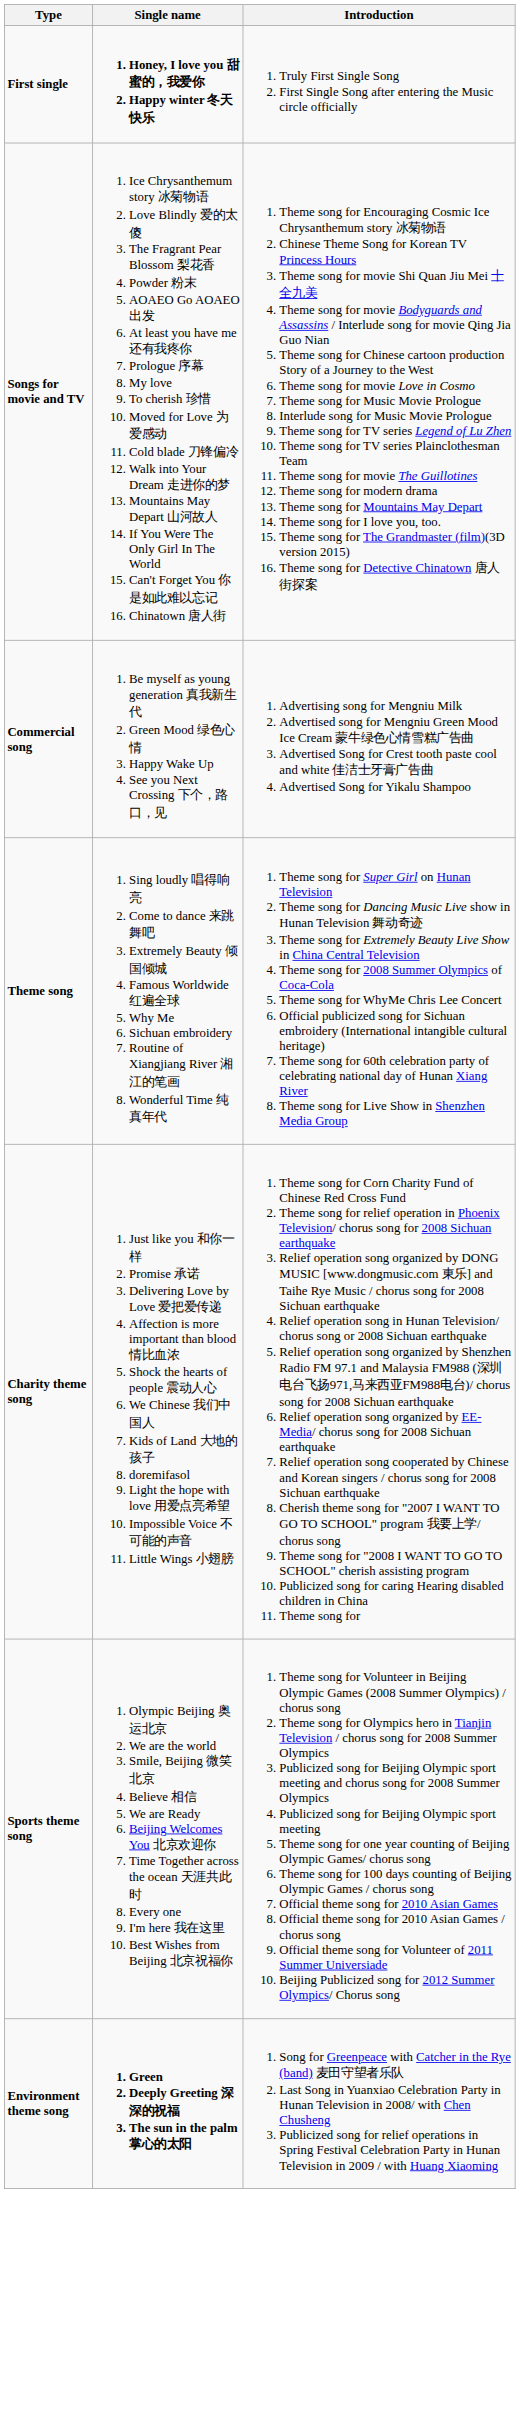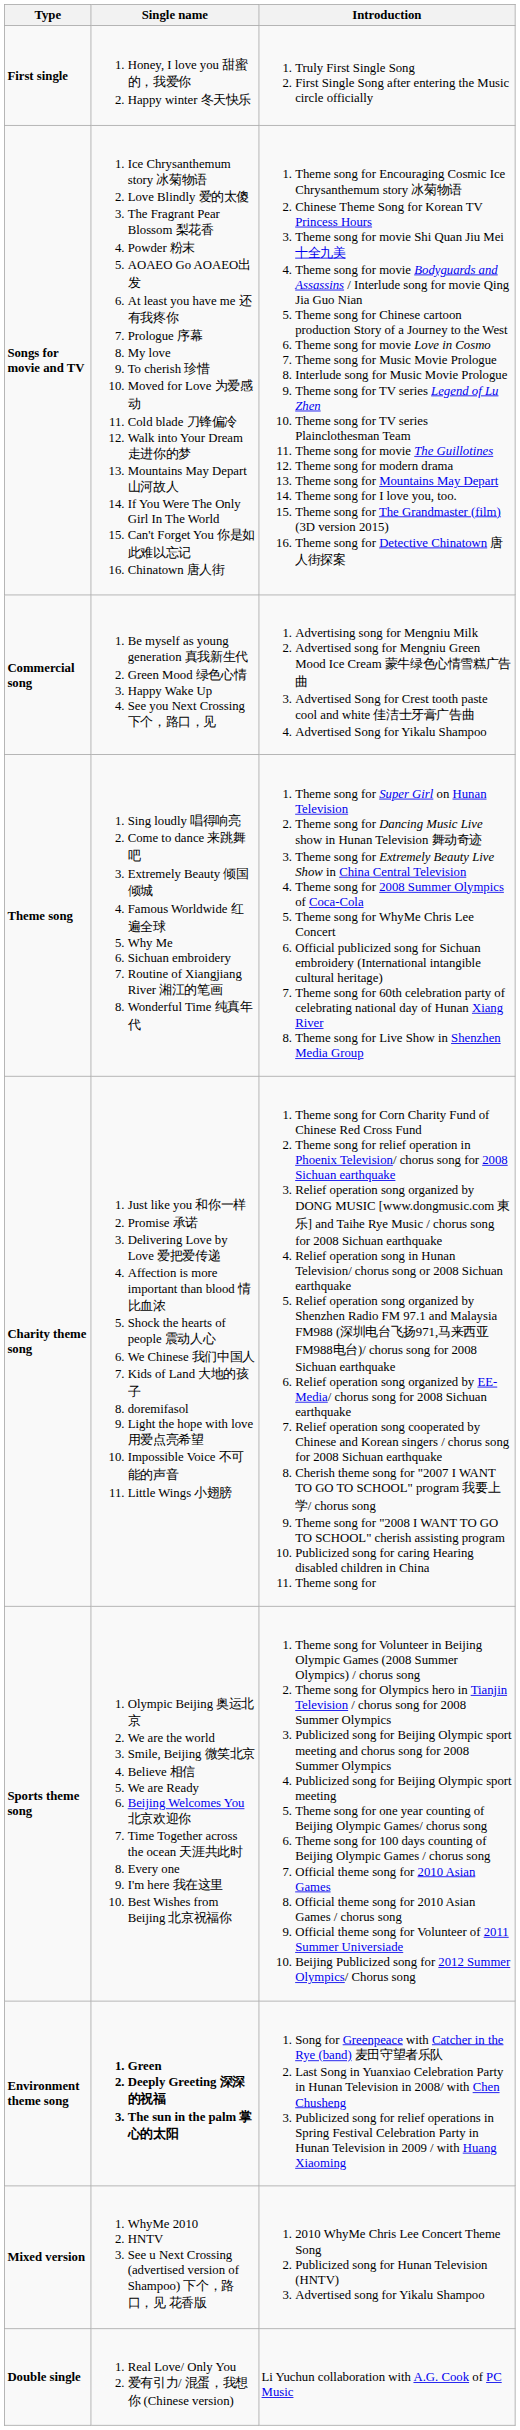 <table class="wikitable" style="font-size: 95%;">
 <tr>
 <th>Type</th>
 <th>Single name</th>
 <th>Introduction</th>
 </tr>
 <tr>
 <td><strong>First single</strong></td>
-<td><strong><br><ol><li>Honey, I love you 甜蜜的，我爱你</li><li>Happy winter 冬天快乐</li></ol></strong></td>
+<td><br><ol><li>Honey, I love you 甜蜜的，我爱你</li><li>Happy winter 冬天快乐</li></ol></td>
 <td><br><ol><li>Truly First Single Song</li><li>First Single Song after entering the Music circle officially </li></ol></td>
 </tr>
 <tr>
 <td><strong>Songs for movie and TV</strong></td>
 <td><br><ol><li>Ice Chrysanthemum story 冰菊物语</li><li>Love Blindly 爱的太傻</li><li>The Fragrant Pear Blossom 梨花香</li><li>Powder 粉末</li><li>AOAEO Go AOAEO出发</li><li>At least you have me 还有我疼你</li><li>Prologue 序幕</li><li>My love</li><li>To cherish 珍惜</li><li>Moved for Love 为爱感动</li><li>Cold blade 刀锋偏冷</li><li>Walk into Your Dream 走进你的梦</li><li>Mountains May Depart 山河故人</li><li>If You Were The Only Girl In The World</li><li>Can't Forget You 你是如此难以忘记</li><li>Chinatown 唐人街</li></ol></td>
 <td><br><ol><li>Theme song for Encouraging Cosmic Ice Chrysanthemum story 冰菊物语</li><li>Chinese Theme Song for Korean TV <a href='#'>Princess Hours</a></li><li>Theme song for movie Shi Quan Jiu Mei <a href='#'>十全九美</a></li><li>Theme song for movie <em><a href='#'>Bodyguards and Assassins</a></em> / Interlude song for movie Qing Jia Guo Nian </li><li>Theme song for Chinese cartoon production Story of a Journey to the West </li><li>Theme song for movie <em>Love in Cosmo</em> </li><li>Theme song for Music Movie Prologue </li><li>Interlude song for Music Movie Prologue</li><li>Theme song for TV series <em><a href='#'>Legend of Lu Zhen</a></em> </li><li>Theme song for TV series Plainclothesman Team </li><li>Theme song for movie <em><a href='#'>The Guillotines</a></em></li><li>Theme song for modern drama </li><li>Theme song for <a href='#'>Mountains May Depart</a></li><li>Theme song for I love you, too. </li><li>Theme song for <a href='#'>The Grandmaster (film)</a>(3D version 2015)</li><li>Theme song for <a href='#'>Detective Chinatown</a> 唐人街探案</li></ol></td>
 </tr>
 <tr>
 <td><strong>Commercial song</strong></td>
 <td><br><ol><li>Be myself as young generation 真我新生代</li><li>Green Mood 绿色心情</li><li>Happy Wake Up</li><li>See you Next Crossing 下个，路口，见</li></ol></td>
 <td><br><ol><li>Advertising song for Mengniu Milk </li><li>Advertised song for Mengniu Green Mood Ice Cream 蒙牛绿色心情雪糕广告曲</li><li>Advertised Song for Crest tooth paste cool and white 佳洁士牙膏广告曲 </li><li>Advertised Song for Yikalu Shampoo </li></ol></td>
 </tr>
 <tr>
 <td><strong>Theme song</strong></td>
 <td><br><ol><li>Sing loudly 唱得响亮</li><li>Come to dance 来跳舞吧</li><li>Extremely Beauty 倾国倾城</li><li>Famous Worldwide 红遍全球</li><li>Why Me</li><li>Sichuan embroidery </li><li>Routine of Xiangjiang River 湘江的笔画</li><li>Wonderful Time 纯真年代</li></ol></td>
 <td><br><ol><li>Theme song for <em><a href='#'>Super Girl</a></em> on <a href='#'>Hunan Television</a></li><li>Theme song for <em>Dancing Music Live</em> show in Hunan Television 舞动奇迹</li><li>Theme song for <em>Extremely Beauty Live Show</em> in <a href='#'>China Central Television</a></li><li>Theme song for <a href='#'>2008 Summer Olympics</a> of <a href='#'>Coca-Cola</a></li><li>Theme song for WhyMe Chris Lee Concert</li><li>Official publicized song for Sichuan embroidery (International intangible cultural heritage) </li><li>Theme song for 60th celebration party of celebrating national day of Hunan <a href='#'>Xiang River</a></li><li>Theme song for Live Show in <a href='#'>Shenzhen Media Group</a></li></ol></td>
 </tr>
 <tr>
 <td><strong>Charity theme song</strong></td>
 <td><br><ol><li>Just like you 和你一样</li><li>Promise 承诺</li><li>Delivering Love by Love 爱把爱传递</li><li>Affection is more important than blood 情比血浓</li><li>Shock the hearts of people 震动人心</li><li>We Chinese 我们中国人</li><li>Kids of Land 大地的孩子</li><li>doremifasol</li><li>Light the hope with love 用爱点亮希望</li><li>Impossible Voice 不可能的声音</li><li>Little Wings 小翅膀</li></ol></td>
 <td><br><ol><li>Theme song for Corn Charity Fund of Chinese Red Cross Fund  </li><li>Theme song for relief operation in <a href='#'>Phoenix Television</a>/ chorus song for <a href='#'>2008 Sichuan earthquake</a></li><li>Relief operation song organized by DONG MUSIC [www.dongmusic.com 東乐] and Taihe Rye Music / chorus song for 2008 Sichuan earthquake </li><li>Relief operation song in Hunan Television/ chorus song or 2008 Sichuan earthquake </li><li>Relief operation song organized by Shenzhen Radio FM 97.1  and Malaysia FM988 (深圳电台飞扬971,马来西亚FM988电台)/ chorus song for 2008 Sichuan earthquake </li><li>Relief operation song organized by <a href='#'>EE-Media</a>/ chorus song for 2008 Sichuan earthquake </li><li>Relief operation song cooperated by Chinese and Korean singers / chorus song for 2008 Sichuan earthquake </li><li>Cherish theme song for "2007 I WANT TO GO TO SCHOOL" program 我要上学/ chorus song </li><li>Theme song for "2008 I WANT TO GO TO SCHOOL" cherish assisting program </li><li>Publicized song for caring Hearing disabled children in China </li><li>Theme song for </li></ol></td>
 </tr>
 <tr>
 <td><strong>Sports theme song</strong></td>
 <td><br><ol><li>Olympic Beijing 奥运北京</li><li>We are the world</li><li>Smile, Beijing 微笑北京</li><li>Believe 相信</li><li>We are Ready</li><li><a href='#'>Beijing Welcomes You</a> 北京欢迎你</li><li>Time Together across the ocean 天涯共此时</li><li>Every one</li><li>I'm here 我在这里</li><li>Best Wishes from Beijing 北京祝福你</li></ol></td>
 <td><br><ol><li>Theme song for Volunteer in  Beijing Olympic Games (2008 Summer Olympics) / chorus song</li><li>Theme song for Olympics hero in <a href='#'>Tianjin Television</a> / chorus song for 2008 Summer Olympics</li><li>Publicized song for Beijing Olympic sport meeting and chorus song for 2008 Summer Olympics</li><li>Publicized song for Beijing Olympic sport meeting</li><li>Theme song for one year counting of Beijing Olympic Games/ chorus song </li><li>Theme song for 100 days counting of Beijing Olympic Games / chorus song </li><li>Official theme song for <a href='#'>2010 Asian Games</a></li><li>Official theme song for 2010 Asian Games / chorus song </li><li>Official theme song for Volunteer of <a href='#'>2011 Summer Universiade</a></li><li>Beijing Publicized song for <a href='#'>2012 Summer Olympics</a>/ Chorus song </li></ol></td>
 </tr>
 <tr>
 <td><strong>Environment theme song</strong></td>
 <td><strong><br><ol><li>Green</li><li>Deeply Greeting 深深的祝福</li><li>The sun in the palm 掌心的太阳</li></ol></strong></td>
 <td><br><ol><li>Song for <a href='#'>Greenpeace</a> with <a href='#'>Catcher in the Rye (band)</a> 麦田守望者乐队 </li><li>Last Song in Yuanxiao Celebration Party in Hunan Television in 2008/ with <a href='#'>Chen Chusheng</a></li><li>Publicized song for relief operations in Spring Festival Celebration Party in Hunan Television in 2009 / with <a href='#'>Huang Xiaoming</a></li></ol></td>
 </tr>
+<tr>
+<td><strong>Mixed version</strong></td>
+<td><br><ol><li>WhyMe 2010</li><li>HNTV</li><li>See u Next Crossing (advertised version of Shampoo) 下个，路口，见 花香版</li></ol></td>
+<td><br><ol><li>2010 WhyMe Chris Lee Concert Theme Song</li><li>Publicized song for Hunan Television (HNTV)</li><li>Advertised song for Yikalu Shampoo</li></ol></td>
+</tr>
+<tr>
+<td><strong>Double single</strong></td>
+<td><br><ol><li>Real Love/ Only You</li><li>爱有引力/ 混蛋，我想你 (Chinese version)</li></ol></td>
+<td><br>Li Yuchun collaboration with <a href='#'>A.G. Cook</a> of <a href='#'>PC Music</a></td>
+</tr>
 </table>
